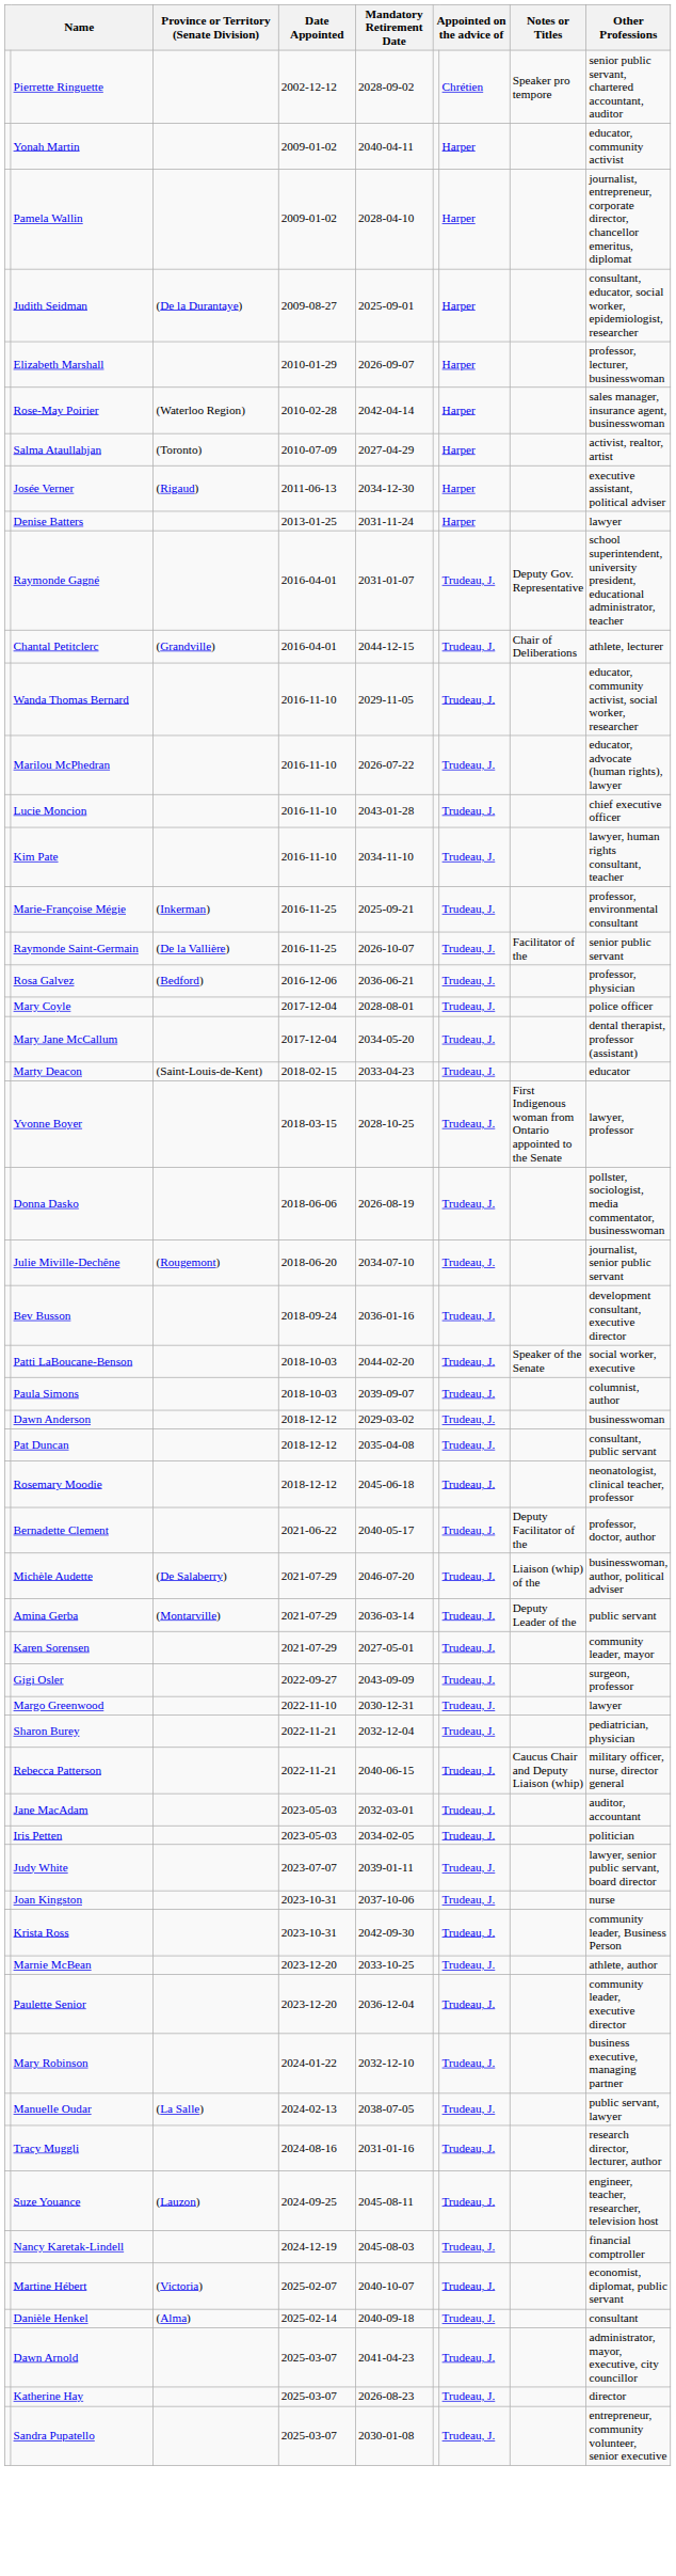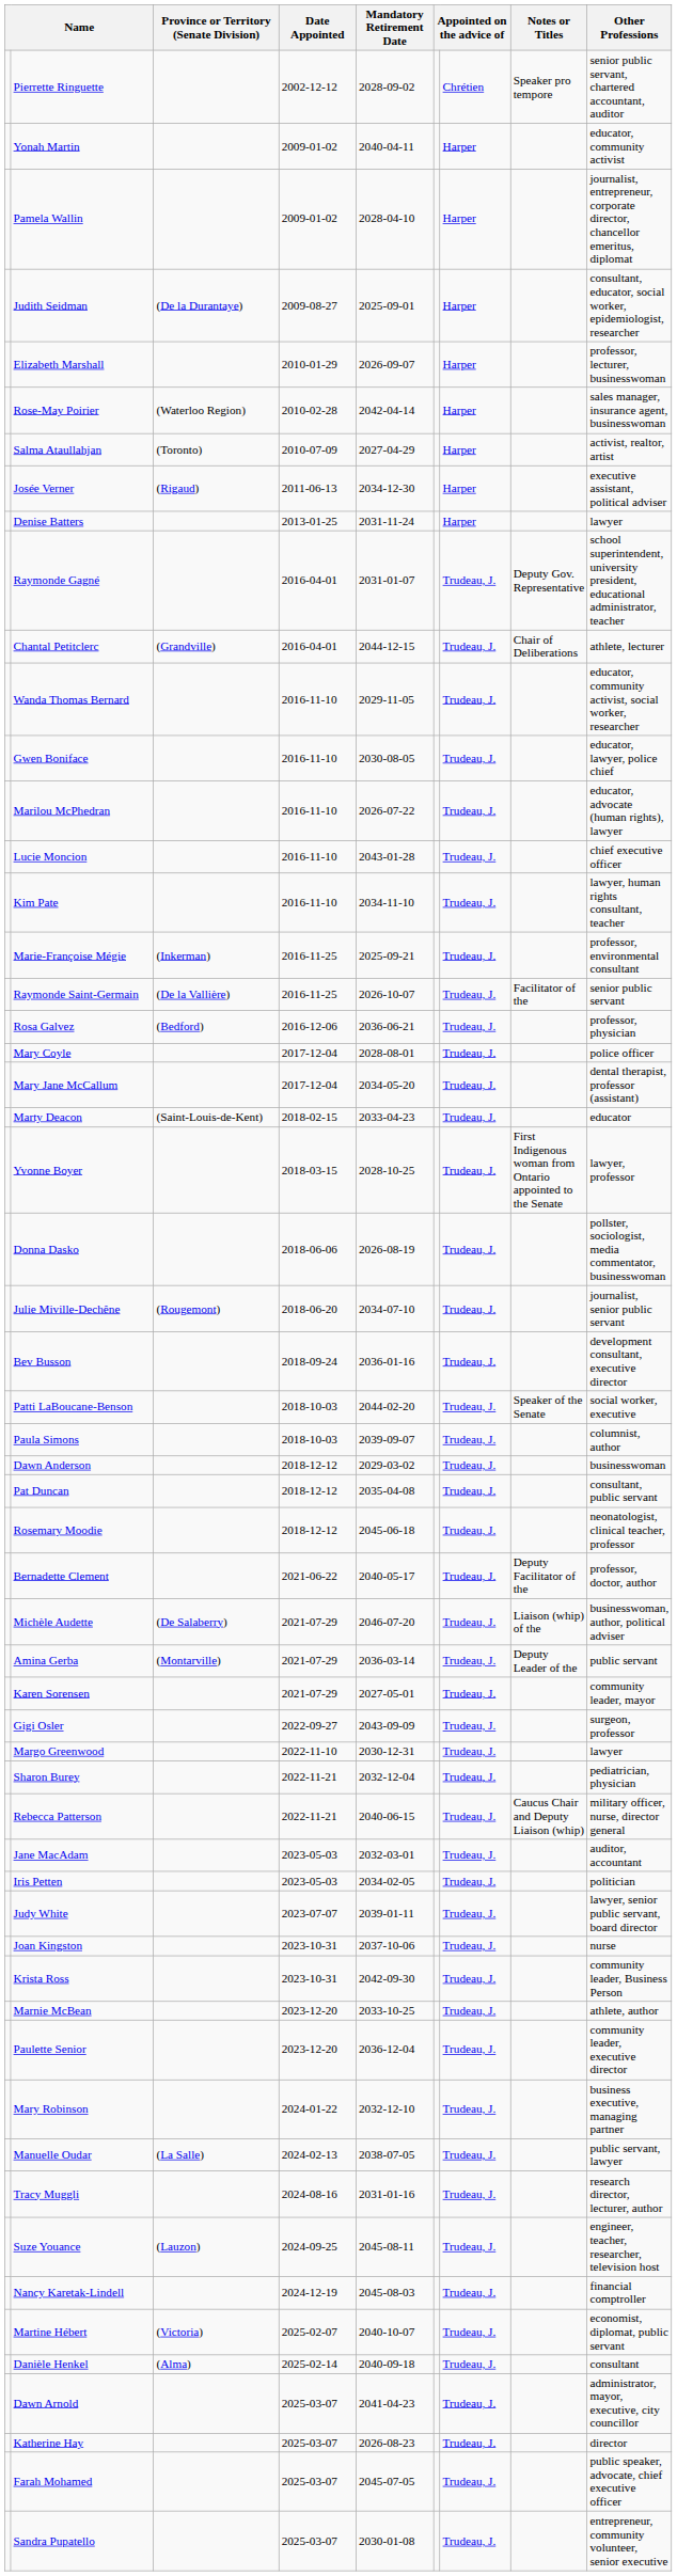 <table class="wikitable sortable sticky-header">
 <tr>
 <th colspan=2 style="min-width:12em;">Name</th>
 <th style="min-width:10em;">Province or Territory <br> (Senate Division)</th>
 <th style="min-width:6em;">Date Appointed</th>
 <th style="min-width:6em;">Mandatory Retirement Date</th>
 <th colspan=2 style="min-width:6em;">Appointed on the advice of</th>
 <th style="min-width:2em;">Notes or Titles</th>
 <th style="min-width:2em;">Other Professions</th>
 </tr>
 <tr>
 <td style="background:"></td>
 <td><a href='#'>Pierrette Ringuette</a></td>
 <td></td>
 <td>2002-12-12</td>
 <td>2028-09-02</td>
 <td style="background:"></td>
 <td><a href='#'>Chrétien</a></td>
 <td>Speaker pro tempore</td>
 <td>senior public servant, chartered accountant, auditor</td>
 </tr>
 <tr>
 <td style="background:"></td>
 <td><a href='#'>Yonah Martin</a></td>
 <td></td>
 <td>2009-01-02</td>
 <td>2040-04-11</td>
 <td style="background:"></td>
 <td><a href='#'>Harper</a></td>
 <td></td>
 <td>educator, community activist</td>
 </tr>
 <tr>
 <td style="background:"></td>
 <td><a href='#'>Pamela Wallin</a></td>
 <td></td>
 <td>2009-01-02</td>
 <td>2028-04-10</td>
 <td style="background:"></td>
 <td><a href='#'>Harper</a></td>
 <td></td>
 <td>journalist, entrepreneur, corporate director, chancellor emeritus, diplomat</td>
 </tr>
 <tr>
 <td style="background:"></td>
 <td><a href='#'>Judith Seidman</a></td>
 <td> (<a href='#'>De la Durantaye</a>)</td>
 <td>2009-08-27</td>
 <td>2025-09-01</td>
 <td style="background:"></td>
 <td><a href='#'>Harper</a></td>
 <td></td>
 <td>consultant, educator, social worker, epidemiologist, researcher</td>
 </tr>
 <tr>
 <td style="background:"></td>
 <td><a href='#'>Elizabeth Marshall</a></td>
 <td></td>
 <td>2010-01-29</td>
 <td>2026-09-07</td>
 <td style="background:"></td>
 <td><a href='#'>Harper</a></td>
 <td></td>
 <td>professor, lecturer, businesswoman</td>
 </tr>
 <tr>
 <td style="background:"></td>
 <td><a href='#'>Rose-May Poirier</a></td>
 <td> (Waterloo Region)</td>
 <td>2010-02-28</td>
 <td>2042-04-14</td>
 <td style="background:"></td>
 <td><a href='#'>Harper</a></td>
 <td></td>
 <td>sales manager, insurance agent, businesswoman</td>
 </tr>
 <tr>
 <td style="background:"></td>
 <td><a href='#'>Salma Ataullahjan</a></td>
 <td> (Toronto)</td>
 <td>2010-07-09</td>
 <td>2027-04-29</td>
 <td style="background:"></td>
 <td><a href='#'>Harper</a></td>
 <td></td>
 <td>activist, realtor, artist</td>
 </tr>
 <tr>
 <td style="background:"></td>
 <td><a href='#'>Josée Verner</a></td>
 <td> (<a href='#'>Rigaud</a>)</td>
 <td>2011-06-13</td>
 <td>2034-12-30</td>
 <td style="background:"></td>
 <td><a href='#'>Harper</a></td>
 <td></td>
 <td>executive assistant, political adviser</td>
 </tr>
 <tr>
 <td style="background:"></td>
 <td><a href='#'>Denise Batters</a></td>
 <td></td>
 <td>2013-01-25</td>
 <td>2031-11-24</td>
 <td style="background:"></td>
 <td><a href='#'>Harper</a></td>
 <td></td>
 <td>lawyer</td>
 </tr>
 <tr>
 <td style="background:"></td>
 <td><a href='#'>Raymonde Gagné</a></td>
 <td></td>
 <td>2016-04-01</td>
 <td>2031-01-07</td>
 <td style="background:"></td>
 <td><a href='#'>Trudeau, J.</a></td>
 <td>Deputy Gov. Representative</td>
 <td>school superintendent, university president, educational administrator, teacher</td>
 </tr>
 <tr>
 <td style="background:"></td>
 <td><a href='#'>Chantal Petitclerc</a></td>
 <td> (<a href='#'>Grandville</a>)</td>
 <td>2016-04-01</td>
 <td>2044-12-15</td>
 <td style="background:"></td>
 <td><a href='#'>Trudeau, J.</a></td>
 <td>Chair of  Deliberations</td>
 <td>athlete, lecturer</td>
 </tr>
 <tr>
 <td style="background:"></td>
 <td><a href='#'>Wanda Thomas Bernard</a></td>
 <td></td>
 <td>2016-11-10</td>
 <td>2029-11-05</td>
 <td style="background:"></td>
 <td><a href='#'>Trudeau, J.</a></td>
 <td></td>
 <td>educator, community activist, social worker, researcher</td>
+</tr>
+<tr>
+<td style="background:"></td>
+<td><a href='#'>Gwen Boniface</a></td>
+<td></td>
+<td>2016-11-10</td>
+<td>2030-08-05</td>
+<td style="background:"></td>
+<td><a href='#'>Trudeau, J.</a></td>
+<td></td>
+<td>educator, lawyer, police chief</td>
 </tr>
 <tr>
 <td style="background:"></td>
 <td><a href='#'>Marilou McPhedran</a></td>
 <td></td>
 <td>2016-11-10</td>
 <td>2026-07-22</td>
 <td style="background:"></td>
 <td><a href='#'>Trudeau, J.</a></td>
 <td></td>
 <td>educator, advocate (human rights), lawyer</td>
 </tr>
 <tr>
 <td style="background:"></td>
 <td><a href='#'>Lucie Moncion</a></td>
 <td></td>
 <td>2016-11-10</td>
 <td>2043-01-28</td>
 <td style="background:"></td>
 <td><a href='#'>Trudeau, J.</a></td>
 <td></td>
 <td>chief executive officer</td>
 </tr>
 <tr>
 <td style="background:"></td>
 <td><a href='#'>Kim Pate</a></td>
 <td></td>
 <td>2016-11-10</td>
 <td>2034-11-10</td>
 <td style="background:"></td>
 <td><a href='#'>Trudeau, J.</a></td>
 <td></td>
 <td>lawyer, human rights consultant, teacher</td>
 </tr>
 <tr>
 <td style="background:"></td>
 <td><a href='#'>Marie-Françoise Mégie</a></td>
 <td> (<a href='#'>Inkerman</a>)</td>
 <td>2016-11-25</td>
 <td>2025-09-21</td>
 <td style="background:"></td>
 <td><a href='#'>Trudeau, J.</a></td>
 <td></td>
 <td>professor, environmental consultant</td>
 </tr>
 <tr>
 <td style="background:"></td>
 <td><a href='#'>Raymonde Saint-Germain</a></td>
 <td> (<a href='#'>De la Vallière</a>)</td>
 <td>2016-11-25</td>
 <td>2026-10-07</td>
 <td style="background:"></td>
 <td><a href='#'>Trudeau, J.</a></td>
 <td>Facilitator of the </td>
 <td>senior public servant</td>
 </tr>
 <tr>
 <td style="background:"></td>
 <td><a href='#'>Rosa Galvez</a></td>
 <td> (<a href='#'>Bedford</a>)</td>
 <td>2016-12-06</td>
 <td>2036-06-21</td>
 <td style="background:"></td>
 <td><a href='#'>Trudeau, J.</a></td>
 <td></td>
 <td>professor, physician</td>
 </tr>
 <tr>
 <td style="background:"></td>
 <td><a href='#'>Mary Coyle</a></td>
 <td></td>
 <td>2017-12-04</td>
 <td>2028-08-01</td>
 <td style="background:"></td>
 <td><a href='#'>Trudeau, J.</a></td>
 <td></td>
 <td>police officer</td>
 </tr>
 <tr>
 <td style="background:"></td>
 <td><a href='#'>Mary Jane McCallum</a></td>
 <td></td>
 <td>2017-12-04</td>
 <td>2034-05-20</td>
 <td style="background:"></td>
 <td><a href='#'>Trudeau, J.</a></td>
 <td></td>
 <td>dental therapist, professor (assistant)</td>
 </tr>
 <tr>
 <td style="background:"></td>
 <td><a href='#'>Marty Deacon</a></td>
 <td> (Saint-Louis-de-Kent)</td>
 <td>2018-02-15</td>
 <td>2033-04-23</td>
 <td style="background:"></td>
 <td><a href='#'>Trudeau, J.</a></td>
 <td></td>
 <td>educator</td>
 </tr>
 <tr>
 <td style="background:"></td>
 <td><a href='#'>Yvonne Boyer</a></td>
 <td></td>
 <td>2018-03-15</td>
 <td>2028-10-25</td>
 <td style="background:"></td>
 <td><a href='#'>Trudeau, J.</a></td>
 <td>First Indigenous woman from Ontario appointed to the Senate</td>
 <td>lawyer, professor</td>
 </tr>
 <tr>
 <td style="background:"></td>
 <td><a href='#'>Donna Dasko</a></td>
 <td></td>
 <td>2018-06-06</td>
 <td>2026-08-19</td>
 <td style="background:"></td>
 <td><a href='#'>Trudeau, J.</a></td>
 <td></td>
 <td>pollster, sociologist, media commentator, businesswoman</td>
 </tr>
 <tr>
 <td style="background:"></td>
 <td><a href='#'>Julie Miville-Dechêne</a></td>
 <td> (<a href='#'>Rougemont</a>)</td>
 <td>2018-06-20</td>
 <td>2034-07-10</td>
 <td style="background:"></td>
 <td><a href='#'>Trudeau, J.</a></td>
 <td></td>
 <td>journalist, senior public servant</td>
 </tr>
 <tr>
 <td style="background:"></td>
 <td><a href='#'>Bev Busson</a></td>
 <td></td>
 <td>2018-09-24</td>
 <td>2036-01-16</td>
 <td style="background:"></td>
 <td><a href='#'>Trudeau, J.</a></td>
 <td></td>
 <td>development consultant, executive director</td>
 </tr>
 <tr>
 <td style="background:"></td>
 <td><a href='#'>Patti LaBoucane-Benson</a></td>
 <td></td>
 <td>2018-10-03</td>
 <td>2044-02-20</td>
 <td style="background:"></td>
 <td><a href='#'>Trudeau, J.</a></td>
 <td>Speaker of the Senate</td>
 <td>social worker, executive</td>
 </tr>
 <tr>
 <td style="background:"></td>
 <td><a href='#'>Paula Simons</a></td>
 <td></td>
 <td>2018-10-03</td>
 <td>2039-09-07</td>
 <td style="background:"></td>
 <td><a href='#'>Trudeau, J.</a></td>
 <td></td>
 <td>columnist, author</td>
 </tr>
 <tr>
 <td style="background:"></td>
 <td><a href='#'>Dawn Anderson</a></td>
 <td></td>
 <td>2018-12-12</td>
 <td>2029-03-02</td>
 <td style="background:"></td>
 <td><a href='#'>Trudeau, J.</a></td>
 <td></td>
 <td>businesswoman</td>
 </tr>
 <tr>
 <td style="background:"></td>
 <td><a href='#'>Pat Duncan</a></td>
 <td></td>
 <td>2018-12-12</td>
 <td>2035-04-08</td>
 <td style="background:"></td>
 <td><a href='#'>Trudeau, J.</a></td>
 <td></td>
 <td>consultant, public servant</td>
 </tr>
 <tr>
 <td style="background:"></td>
 <td><a href='#'>Rosemary Moodie</a></td>
 <td></td>
 <td>2018-12-12</td>
 <td>2045-06-18</td>
 <td style="background:"></td>
 <td><a href='#'>Trudeau, J.</a></td>
 <td></td>
 <td>neonatologist, clinical teacher, professor</td>
 </tr>
 <tr>
 <td style="background:"></td>
 <td><a href='#'>Bernadette Clement</a></td>
 <td></td>
 <td>2021-06-22</td>
 <td>2040-05-17</td>
 <td style="background:"></td>
 <td><a href='#'>Trudeau, J.</a></td>
 <td>Deputy Facilitator of the </td>
 <td>professor, doctor, author</td>
 </tr>
 <tr>
 <td style="background:"></td>
 <td><a href='#'>Michèle Audette</a></td>
 <td> (<a href='#'>De Salaberry</a>)</td>
 <td>2021-07-29</td>
 <td>2046-07-20</td>
 <td style="background:"></td>
 <td><a href='#'>Trudeau, J.</a></td>
 <td>Liaison (whip) of the </td>
 <td>businesswoman, author, political adviser</td>
 </tr>
 <tr>
 <td style="background:"></td>
 <td><a href='#'>Amina Gerba</a></td>
 <td> (<a href='#'>Montarville</a>)</td>
 <td>2021-07-29</td>
 <td>2036-03-14</td>
 <td style="background:"></td>
 <td><a href='#'>Trudeau, J.</a></td>
 <td>Deputy Leader of the </td>
 <td>public servant</td>
 </tr>
 <tr>
 <td style="background:"></td>
 <td><a href='#'>Karen Sorensen</a></td>
 <td></td>
 <td>2021-07-29</td>
 <td>2027-05-01</td>
 <td style="background:"></td>
 <td><a href='#'>Trudeau, J.</a></td>
 <td></td>
 <td>community leader, mayor</td>
 </tr>
 <tr>
 <td style="background:"></td>
 <td><a href='#'>Gigi Osler</a></td>
 <td></td>
 <td>2022-09-27</td>
 <td>2043-09-09</td>
 <td style="background:"></td>
 <td><a href='#'>Trudeau, J.</a></td>
 <td></td>
 <td>surgeon, professor</td>
 </tr>
 <tr>
 <td style="background:"></td>
 <td><a href='#'>Margo Greenwood</a></td>
 <td></td>
 <td>2022-11-10</td>
 <td>2030-12-31</td>
 <td style="background:"></td>
 <td><a href='#'>Trudeau, J.</a></td>
 <td></td>
 <td>lawyer</td>
 </tr>
 <tr>
 <td style="background:"></td>
 <td><a href='#'>Sharon Burey</a></td>
 <td></td>
 <td>2022-11-21</td>
 <td>2032-12-04</td>
 <td style="background:"></td>
 <td><a href='#'>Trudeau, J.</a></td>
 <td></td>
 <td>pediatrician, physician</td>
 </tr>
 <tr>
 <td style="background:"></td>
 <td><a href='#'>Rebecca Patterson</a></td>
 <td></td>
 <td>2022-11-21</td>
 <td>2040-06-15</td>
 <td style="background:"></td>
 <td><a href='#'>Trudeau, J.</a></td>
 <td> Caucus Chair and Deputy Liaison (whip)</td>
 <td>military officer, nurse, director general</td>
 </tr>
 <tr>
 <td style="background:"></td>
 <td><a href='#'>Jane MacAdam</a></td>
 <td></td>
 <td>2023-05-03</td>
 <td>2032-03-01</td>
 <td style="background:"></td>
 <td><a href='#'>Trudeau, J.</a></td>
 <td></td>
 <td>auditor, accountant</td>
 </tr>
 <tr>
 <td style="background:"></td>
 <td><a href='#'>Iris Petten</a></td>
 <td></td>
 <td>2023-05-03</td>
 <td>2034-02-05</td>
 <td style="background:"></td>
 <td><a href='#'>Trudeau, J.</a></td>
 <td></td>
 <td>politician</td>
 </tr>
 <tr>
 <td style="background:"></td>
 <td><a href='#'>Judy White</a></td>
 <td></td>
 <td>2023-07-07</td>
 <td>2039-01-11</td>
 <td style="background:"></td>
 <td><a href='#'>Trudeau, J.</a></td>
 <td></td>
 <td>lawyer, senior public servant, board director</td>
 </tr>
 <tr>
 <td style="background:"></td>
 <td><a href='#'>Joan Kingston</a></td>
 <td></td>
 <td>2023-10-31</td>
 <td>2037-10-06</td>
 <td style="background:"></td>
 <td><a href='#'>Trudeau, J.</a></td>
 <td></td>
 <td>nurse</td>
 </tr>
 <tr>
 <td style="background:"></td>
 <td><a href='#'>Krista Ross</a></td>
 <td></td>
 <td>2023-10-31</td>
 <td>2042-09-30</td>
 <td style="background:"></td>
 <td><a href='#'>Trudeau, J.</a></td>
 <td></td>
 <td>community leader, Business Person</td>
 </tr>
 <tr>
 <td style="background:"></td>
 <td><a href='#'>Marnie McBean</a></td>
 <td></td>
 <td>2023-12-20</td>
 <td>2033-10-25</td>
 <td style="background:"></td>
 <td><a href='#'>Trudeau, J.</a></td>
 <td></td>
 <td>athlete, author</td>
 </tr>
 <tr>
 <td style="background:"></td>
 <td><a href='#'>Paulette Senior</a></td>
 <td></td>
 <td>2023-12-20</td>
 <td>2036-12-04</td>
 <td style="background:"></td>
 <td><a href='#'>Trudeau, J.</a></td>
 <td></td>
 <td>community leader, executive director</td>
 </tr>
 <tr>
 <td style="background:"></td>
 <td><a href='#'>Mary Robinson</a></td>
 <td></td>
 <td>2024-01-22</td>
 <td>2032-12-10</td>
 <td style="background:"></td>
 <td><a href='#'>Trudeau, J.</a></td>
 <td></td>
 <td>business executive,  managing partner</td>
 </tr>
 <tr>
 <td style="background:"></td>
 <td><a href='#'>Manuelle Oudar</a></td>
 <td> (<a href='#'>La Salle</a>)</td>
 <td>2024-02-13</td>
 <td>2038-07-05</td>
 <td style="background:"></td>
 <td><a href='#'>Trudeau, J.</a></td>
 <td></td>
 <td>public servant, lawyer</td>
 </tr>
 <tr>
 <td style="background:"></td>
 <td><a href='#'>Tracy Muggli</a></td>
 <td></td>
 <td>2024-08-16</td>
 <td>2031-01-16</td>
 <td style="background:"></td>
 <td><a href='#'>Trudeau, J.</a></td>
 <td></td>
 <td>research director, lecturer, author</td>
 </tr>
 <tr>
 <td style="background:"></td>
 <td><a href='#'>Suze Youance</a></td>
 <td> (<a href='#'>Lauzon</a>)</td>
 <td>2024-09-25</td>
 <td>2045-08-11</td>
 <td style="background:"></td>
 <td><a href='#'>Trudeau, J.</a></td>
 <td></td>
 <td>engineer, teacher, researcher, television host</td>
 </tr>
 <tr>
 <td style="background:"></td>
 <td><a href='#'>Nancy Karetak-Lindell</a></td>
 <td></td>
 <td>2024-12-19</td>
 <td>2045-08-03</td>
 <td style="background:"></td>
 <td><a href='#'>Trudeau, J.</a></td>
 <td></td>
 <td>financial comptroller</td>
 </tr>
 <tr>
 <td style="background:"></td>
 <td><a href='#'>Martine Hébert</a></td>
 <td> (<a href='#'>Victoria</a>)</td>
 <td>2025-02-07</td>
 <td>2040-10-07</td>
 <td style="background:"></td>
 <td><a href='#'>Trudeau, J.</a></td>
 <td></td>
 <td>economist, diplomat, public servant</td>
 </tr>
 <tr>
 <td style="background:"></td>
 <td><a href='#'>Danièle Henkel</a></td>
 <td> (<a href='#'>Alma</a>)</td>
 <td>2025-02-14</td>
 <td>2040-09-18</td>
 <td style="background:"></td>
 <td><a href='#'>Trudeau, J.</a></td>
 <td></td>
 <td>consultant</td>
 </tr>
 <tr>
 <td style="background:"></td>
 <td><a href='#'>Dawn Arnold</a></td>
 <td></td>
 <td>2025-03-07</td>
 <td>2041-04-23</td>
 <td style="background:"></td>
 <td><a href='#'>Trudeau, J.</a></td>
 <td></td>
 <td>administrator, mayor, executive, city councillor</td>
 </tr>
 <tr>
 <td style="background:"></td>
 <td><a href='#'>Katherine Hay</a></td>
 <td></td>
 <td>2025-03-07</td>
 <td>2026-08-23</td>
 <td style="background:"></td>
 <td><a href='#'>Trudeau, J.</a></td>
 <td></td>
 <td>director</td>
 </tr>
 <tr>
 <td style="background:"></td>
+<td><a href='#'>Farah Mohamed</a></td>
+<td></td>
+<td>2025-03-07</td>
+<td>2045-07-05</td>
+<td style="background:"></td>
+<td><a href='#'>Trudeau, J.</a></td>
+<td></td>
+<td>public speaker, advocate, chief executive officer</td>
+</tr>
+<tr>
+<td style="background:"></td>
 <td><a href='#'>Sandra Pupatello</a></td>
 <td></td>
 <td>2025-03-07</td>
 <td>2030-01-08</td>
 <td style="background:"></td>
 <td><a href='#'>Trudeau, J.</a></td>
 <td></td>
 <td>entrepreneur, community volunteer, senior executive</td>
 </tr>
 </table>
